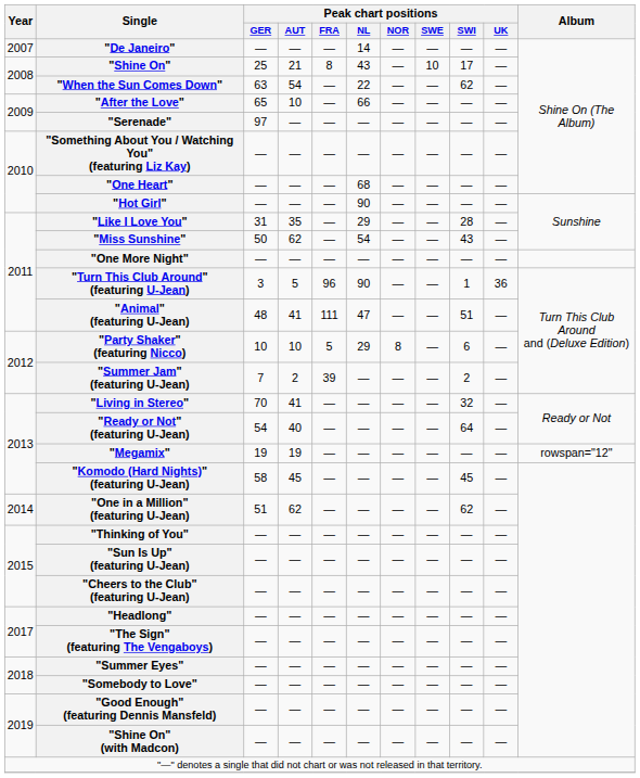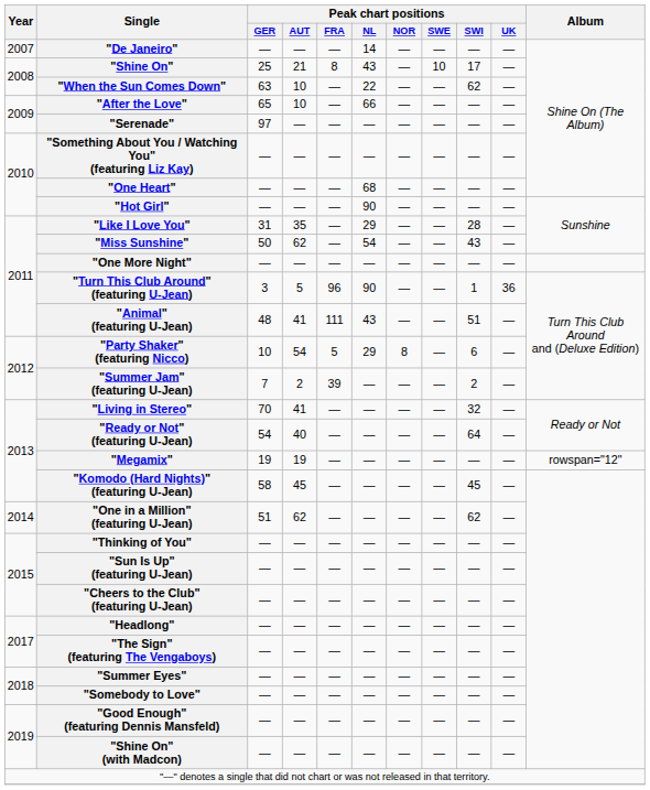 <table class="wikitable plainrowheaders" style="text-align:center;">
 <tr>
 <th scope="col" rowspan="2">Year</th>
 <th scope="col" rowspan="2">Single</th>
 <th scope="col" colspan="8">Peak chart positions</th>
 <th scope="col" rowspan="2">Album</th>
 </tr>
 <tr>
 <th scope="col" style="width:3em;font-size:85%;"><a href='#'>GER</a><br></th>
 <th scope="col" style="width:3em;font-size:85%;"><a href='#'>AUT</a><br></th>
 <th scope="col" style="width:3em;font-size:85%;"><a href='#'>FRA</a><br></th>
 <th scope="col" style="width:3em;font-size:85%;"><a href='#'>NL</a><br></th>
 <th scope="col" style="width:3em;font-size:85%;"><a href='#'>NOR</a><br></th>
 <th scope="col" style="width:3em;font-size:85%;"><a href='#'>SWE</a><br></th>
 <th scope="col" style="width:3em;font-size:85%;"><a href='#'>SWI</a><br></th>
 <th scope="col" style="width:3em;font-size:85%;"><a href='#'>UK</a><br></th>
 </tr>
 <tr>
 <td>2007</td>
 <th scope="row">"<a href='#'>De Janeiro</a>"</th>
 <td>—</td>
 <td>—</td>
 <td>—</td>
 <td>14</td>
 <td>—</td>
 <td>—</td>
 <td>—</td>
 <td>—</td>
 <td rowspan="7"><em>Shine On (The Album)</em></td>
 </tr>
 <tr>
 <td rowspan="2">2008</td>
 <th scope="row">"<a href='#'>Shine On</a>"</th>
 <td>25</td>
 <td>21</td>
 <td>8</td>
 <td>43</td>
 <td>—</td>
 <td>10</td>
 <td>17</td>
 <td>—</td>
 </tr>
 <tr>
 <th scope="row">"<a href='#'>When the Sun Comes Down</a>"</th>
 <td>63</td>
-<td>54</td>
+<td>10</td>
 <td>—</td>
 <td>22</td>
 <td>—</td>
 <td>—</td>
 <td>62</td>
 <td>—</td>
 </tr>
 <tr>
 <td rowspan="2">2009</td>
 <th scope="row">"<a href='#'>After the Love</a>"</th>
 <td>65</td>
 <td>10</td>
 <td>—</td>
 <td>66</td>
 <td>—</td>
 <td>—</td>
 <td>—</td>
 <td>—</td>
 </tr>
 <tr>
 <th scope="row">"Serenade"</th>
 <td>97</td>
 <td>—</td>
 <td>—</td>
 <td>—</td>
 <td>—</td>
 <td>—</td>
 <td>—</td>
 <td>—</td>
 </tr>
 <tr>
 <td rowspan="3">2010</td>
 <th scope="row">"Something About You / Watching You"<br><span>(featuring <a href='#'>Liz Kay</a>)</span></th>
 <td>—</td>
 <td>—</td>
 <td>—</td>
 <td>—</td>
 <td>—</td>
 <td>—</td>
 <td>—</td>
 <td>—</td>
 </tr>
 <tr>
 <th scope="row">"<a href='#'>One Heart</a>"</th>
 <td>—</td>
 <td>—</td>
 <td>—</td>
 <td>68</td>
 <td>—</td>
 <td>—</td>
 <td>—</td>
 <td>—</td>
 </tr>
 <tr>
 <th scope="row">"<a href='#'>Hot Girl</a>"</th>
 <td>—</td>
 <td>—</td>
 <td>—</td>
 <td>90</td>
 <td>—</td>
 <td>—</td>
 <td>—</td>
 <td>—</td>
 <td rowspan="3"><em>Sunshine</em></td>
 </tr>
 <tr>
 <td rowspan="5">2011</td>
 <th scope="row">"<a href='#'>Like I Love You</a>"</th>
 <td>31</td>
 <td>35</td>
 <td>—</td>
 <td>29</td>
 <td>—</td>
 <td>—</td>
 <td>28</td>
 <td>—</td>
 </tr>
 <tr>
 <th scope="row">"<a href='#'>Miss Sunshine</a>"</th>
 <td>50</td>
 <td>62</td>
 <td>—</td>
 <td>54</td>
 <td>—</td>
 <td>—</td>
 <td>43</td>
 <td>—</td>
 </tr>
 <tr>
 <th scope="row">"One More Night"</th>
 <td>—</td>
 <td>—</td>
 <td>—</td>
 <td>—</td>
 <td>—</td>
 <td>—</td>
 <td>—</td>
 <td>—</td>
 <td></td>
 </tr>
 <tr>
 <th scope="row">"<a href='#'>Turn This Club Around</a>"<br><span>(featuring <a href='#'>U-Jean</a>)</span></th>
 <td>3</td>
 <td>5</td>
 <td>96</td>
 <td>90</td>
 <td>—</td>
 <td>—</td>
 <td>1</td>
 <td>36</td>
 <td rowspan="4"><em>Turn This Club Around</em><br><span>and (<em>Deluxe Edition</em>)</span></td>
 </tr>
 <tr>
 <th scope="row">"<a href='#'>Animal</a>"<br><span>(featuring U-Jean)</span></th>
 <td>48</td>
 <td>41</td>
 <td>111</td>
-<td>47</td>
+<td>43</td>
 <td>—</td>
 <td>—</td>
 <td>51</td>
 <td>—</td>
 </tr>
 <tr>
 <td rowspan="2">2012</td>
 <th scope="row">"<a href='#'>Party Shaker</a>"<br><span>(featuring <a href='#'>Nicco</a>)</span></th>
 <td>10</td>
-<td>10</td>
+<td>54</td>
 <td>5</td>
 <td>29</td>
 <td>8</td>
 <td>—</td>
 <td>6</td>
 <td>—</td>
 </tr>
 <tr>
 <th scope="row">"<a href='#'>Summer Jam</a>"<br><span>(featuring U-Jean)</span></th>
 <td>7</td>
 <td>2</td>
 <td>39</td>
 <td>—</td>
 <td>—</td>
 <td>—</td>
 <td>2</td>
 <td>—</td>
 </tr>
 <tr>
 <td rowspan="4">2013</td>
 <th scope="row">"<a href='#'>Living in Stereo</a>"</th>
 <td>70</td>
 <td>41</td>
 <td>—</td>
 <td>—</td>
 <td>—</td>
 <td>—</td>
 <td>32</td>
 <td>—</td>
 <td rowspan="2"><em>Ready or Not</em></td>
 </tr>
 <tr>
 <th scope="row">"<a href='#'>Ready or Not</a>"<br><span>(featuring U-Jean)</span></th>
 <td>54</td>
 <td>40</td>
 <td>—</td>
 <td>—</td>
 <td>—</td>
 <td>—</td>
 <td>64</td>
 <td>—</td>
 </tr>
 <tr>
 <th scope="row">"<a href='#'>Megamix</a>"</th>
 <td>19</td>
 <td>19</td>
 <td>—</td>
 <td>—</td>
 <td>—</td>
 <td>—</td>
 <td>—</td>
 <td>—</td>
 <td>rowspan="12" </td>
 </tr>
 <tr>
 <th scope="row">"<a href='#'>Komodo (Hard Nights)</a>"<br><span>(featuring U-Jean)</span></th>
 <td>58</td>
 <td>45</td>
 <td>—</td>
 <td>—</td>
 <td>—</td>
 <td>—</td>
 <td>45</td>
 <td>—</td>
 </tr>
 <tr>
 <td>2014</td>
 <th scope="row">"One in a Million"<br><span>(featuring U-Jean)</span></th>
 <td>51</td>
 <td>62</td>
 <td>—</td>
 <td>—</td>
 <td>—</td>
 <td>—</td>
 <td>62</td>
 <td>—</td>
 </tr>
 <tr>
 <td rowspan="3">2015</td>
 <th scope="row">"Thinking of You"</th>
 <td>—</td>
 <td>—</td>
 <td>—</td>
 <td>—</td>
 <td>—</td>
 <td>—</td>
 <td>—</td>
 <td>—</td>
 </tr>
 <tr>
 <th scope="row">"Sun Is Up" <br><span>(featuring U-Jean)</span></th>
 <td>—</td>
 <td>—</td>
 <td>—</td>
 <td>—</td>
 <td>—</td>
 <td>—</td>
 <td>—</td>
 <td>—</td>
 </tr>
 <tr>
 <th scope="row">"Cheers to the Club" <br><span>(featuring U-Jean)</span></th>
 <td>—</td>
 <td>—</td>
 <td>—</td>
 <td>—</td>
 <td>—</td>
 <td>—</td>
 <td>—</td>
 <td>—</td>
 </tr>
 <tr>
 <td rowspan="2">2017</td>
 <th scope="row">"Headlong"</th>
 <td>—</td>
 <td>—</td>
 <td>—</td>
 <td>—</td>
 <td>—</td>
 <td>—</td>
 <td>—</td>
 <td>—</td>
 </tr>
 <tr>
 <th scope="row">"The Sign" <br><span>(featuring <a href='#'>The Vengaboys</a>)</span></th>
 <td>—</td>
 <td>—</td>
 <td>—</td>
 <td>—</td>
 <td>—</td>
 <td>—</td>
 <td>—</td>
 <td>—</td>
 </tr>
 <tr>
 <td rowspan="2">2018</td>
 <th scope="row">"Summer Eyes"</th>
 <td>—</td>
 <td>—</td>
 <td>—</td>
 <td>—</td>
 <td>—</td>
 <td>—</td>
 <td>—</td>
 <td>—</td>
 </tr>
 <tr>
 <th scope="row">"Somebody to Love"</th>
 <td>—</td>
 <td>—</td>
 <td>—</td>
 <td>—</td>
 <td>—</td>
 <td>—</td>
 <td>—</td>
 <td>—</td>
 </tr>
 <tr>
 <td rowspan="2">2019</td>
 <th scope="row">"Good Enough" <br><span>(featuring Dennis Mansfeld)</span></th>
 <td>—</td>
 <td>—</td>
 <td>—</td>
 <td>—</td>
 <td>—</td>
 <td>—</td>
 <td>—</td>
 <td>—</td>
 </tr>
 <tr>
 <th scope="row">"Shine On" <br><span>(with Madcon)</span></th>
 <td>—</td>
 <td>—</td>
 <td>—</td>
 <td>—</td>
 <td>—</td>
 <td>—</td>
 <td>—</td>
 <td>—</td>
 </tr>
 <tr>
 <td colspan="18" style="font-size:85%">"—" denotes a single that did not chart or was not released in that territory.</td>
 </tr>
 <tr>
 </tr>
 </table>
